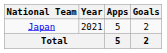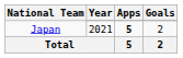 <table class="wikitable" style="text-align:center">
 <tr>
 <th>National Team</th>
 <th>Year</th>
 <th>Apps</th>
 <th>Goals</th>
 </tr>
 <tr>
 <td rowspan="2"><a href='#'>Japan</a></td>
 </tr>
 <tr>
 <td>2021</td>
-<td>5</td>
+<td><strong>5</strong></td>
 <td>2</td>
 </tr>
 <tr>
 <th colspan="2">Total</th>
 <th>5</th>
 <th>2</th>
 </tr>
 </table>
